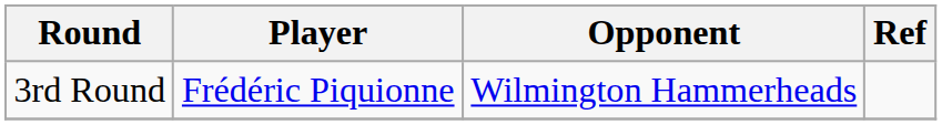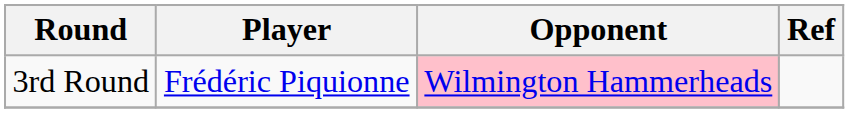 <table class=wikitable>
 <tr>
 <th>Round</th>
 <th>Player</th>
 <th>Opponent</th>
 <th>Ref</th>
 </tr>
 <tr>
 <td align=center>3rd Round</td>
 <td> <a href='#'>Frédéric Piquionne</a></td>
-<td><a href='#'>Wilmington Hammerheads</a></td>
+<td style="background: pink;"><a href='#'>Wilmington Hammerheads</a></td>
 <td></td>
 </tr>
 <tr>
 </tr>
 </table>
